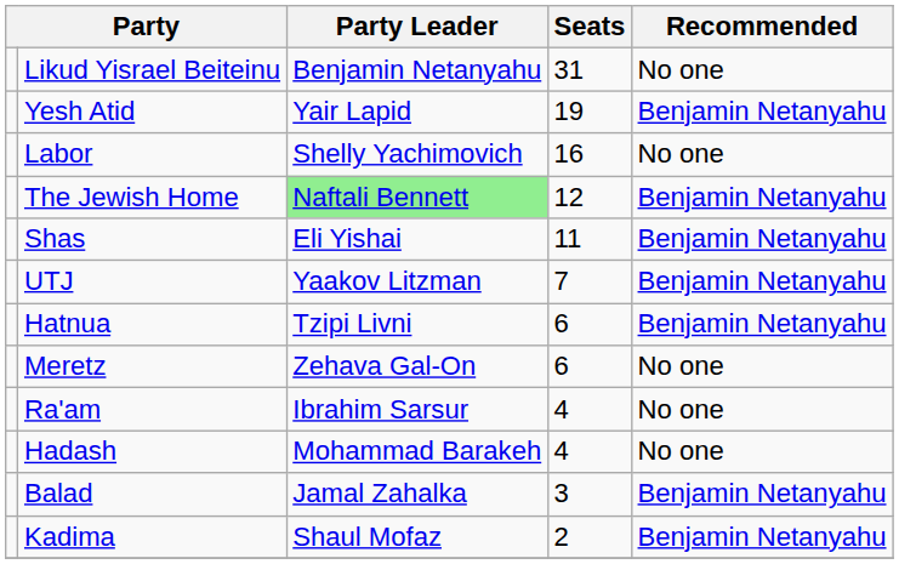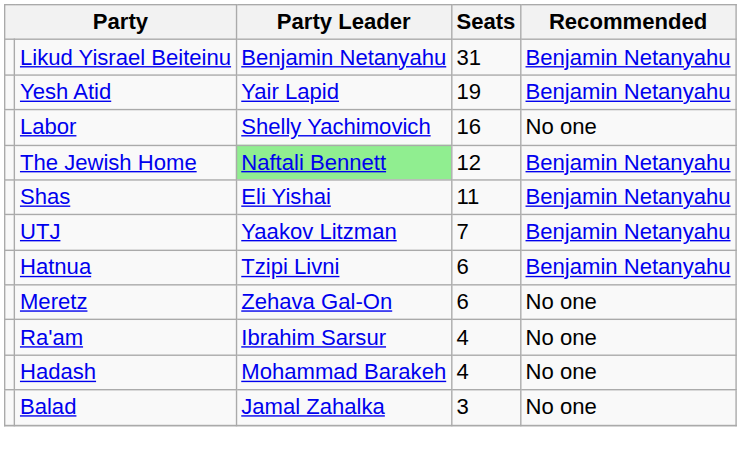 <table class="wikitable">
 <tr>
 <th colspan=2 class="unsortable">Party</th>
 <th class="unsortable">Party Leader</th>
 <th class="unsortable">Seats</th>
 <th>Recommended</th>
 </tr>
 <tr>
 <td style="background:"></td>
 <td><a href='#'>Likud Yisrael Beiteinu</a></td>
 <td><a href='#'>Benjamin Netanyahu</a></td>
 <td>31</td>
-<td>No one</td>
+<td><a href='#'>Benjamin Netanyahu</a></td>
 </tr>
 <tr>
 <td style="background:"></td>
 <td><a href='#'>Yesh Atid</a></td>
 <td><a href='#'>Yair Lapid</a></td>
 <td>19</td>
 <td><a href='#'>Benjamin Netanyahu</a></td>
 </tr>
 <tr>
 <td style="background:"></td>
 <td><a href='#'>Labor</a></td>
 <td><a href='#'>Shelly Yachimovich</a></td>
 <td>16</td>
 <td>No one</td>
 </tr>
 <tr>
 <td style="background:"></td>
 <td><a href='#'>The Jewish Home</a></td>
 <td style="background: lightgreen;"><a href='#'>Naftali Bennett</a></td>
 <td>12</td>
 <td><a href='#'>Benjamin Netanyahu</a></td>
 </tr>
 <tr>
 <td style="background:"></td>
 <td><a href='#'>Shas</a></td>
 <td><a href='#'>Eli Yishai</a></td>
 <td>11</td>
 <td><a href='#'>Benjamin Netanyahu</a></td>
 </tr>
 <tr>
 <td style="background:"></td>
 <td><a href='#'>UTJ</a></td>
 <td><a href='#'>Yaakov Litzman</a></td>
 <td>7</td>
 <td><a href='#'>Benjamin Netanyahu</a></td>
 </tr>
 <tr>
 <td style="background:"></td>
 <td><a href='#'>Hatnua</a></td>
 <td><a href='#'>Tzipi Livni</a></td>
 <td>6</td>
 <td><a href='#'>Benjamin Netanyahu</a></td>
 </tr>
 <tr>
 <td style="background:"></td>
 <td><a href='#'>Meretz</a></td>
 <td><a href='#'>Zehava Gal-On</a></td>
 <td>6</td>
 <td>No one</td>
 </tr>
 <tr>
 <td style="background:"></td>
 <td><a href='#'>Ra'am</a></td>
 <td><a href='#'>Ibrahim Sarsur</a></td>
 <td>4</td>
 <td>No one</td>
 </tr>
 <tr>
 <td style="background:"></td>
 <td><a href='#'>Hadash</a></td>
 <td><a href='#'>Mohammad Barakeh</a></td>
 <td>4</td>
 <td>No one</td>
 </tr>
 <tr>
 <td style="background:"></td>
 <td><a href='#'>Balad</a></td>
 <td><a href='#'>Jamal Zahalka</a></td>
 <td>3</td>
-<td><a href='#'>Benjamin Netanyahu</a></td>
-</tr>
-<tr>
-<td style="background:"></td>
-<td><a href='#'>Kadima</a></td>
-<td><a href='#'>Shaul Mofaz</a></td>
-<td>2</td>
-<td><a href='#'>Benjamin Netanyahu</a></td>
+<td>No one</td>
 </tr>
 <tr>
 </tr>
 </table>
